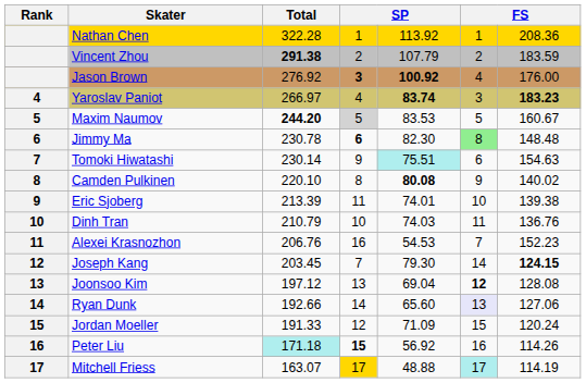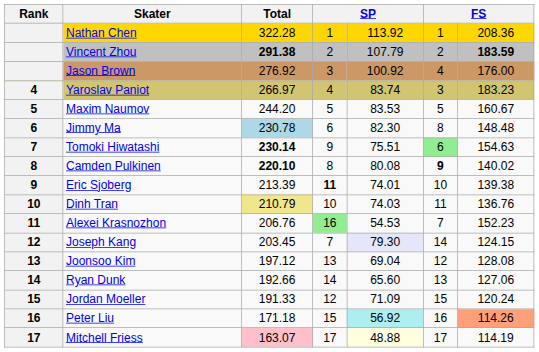 <table class="wikitable sortable" style="text-align:left; width:80%">
 <tr>
 <th scope="col">Rank</th>
 <th scope="col">Skater</th>
 <th scope="col">Total</th>
 <th scope="col" colspan="2" width="80px"><a href='#'>SP</a></th>
 <th scope="col" colspan="2" width="80px"><a href='#'>FS</a></th>
 </tr>
 <tr bgcolor="gold">
 <th scope="row"></th>
 <td><a href='#'>Nathan Chen</a></td>
 <td align="center">322.28</td>
 <td align="center">1</td>
 <td align="center">113.92</td>
 <td align="center">1</td>
 <td align="center">208.36</td>
 </tr>
 <tr bgcolor="silver">
 <th scope="row"></th>
 <td><a href='#'>Vincent Zhou</a></td>
 <td align="center"><strong>291.38</strong></td>
 <td align="center">2</td>
 <td align="center">107.79</td>
 <td align="center">2</td>
-<td align="center">183.59</td>
+<td align="center"><strong>183.59</strong></td>
 </tr>
 <tr bgcolor="cc9966">
 <th scope="row"></th>
 <td><a href='#'>Jason Brown</a></td>
 <td align="center">276.92</td>
-<td align="center"><strong>3</strong></td>
-<td align="center"><strong>100.92</strong></td>
+<td align="center">3</td>
+<td align="center">100.92</td>
 <td align="center">4</td>
 <td align="center">176.00</td>
 </tr>
 <tr bgcolor="#d1c571">
 <th scope="row">4</th>
 <td><a href='#'>Yaroslav Paniot</a></td>
 <td align="center">266.97</td>
 <td align="center">4</td>
-<td align="center"><strong>83.74</strong></td>
+<td align="center">83.74</td>
 <td align="center">3</td>
-<td align="center"><strong>183.23</strong></td>
+<td align="center">183.23</td>
 </tr>
 <tr>
 <th scope="row">5</th>
 <td><a href='#'>Maxim Naumov</a></td>
-<td align="center"><strong>244.20</strong></td>
-<td align="center" style="background: lightgrey;">5</td>
+<td align="center">244.20</td>
+<td align="center">5</td>
 <td align="center">83.53</td>
 <td align="center">5</td>
 <td align="center">160.67</td>
 </tr>
 <tr>
 <th scope="row">6</th>
 <td><a href='#'>Jimmy Ma</a></td>
-<td align="center">230.78</td>
-<td align="center"><strong>6</strong></td>
+<td align="center" style="background: lightblue;">230.78</td>
+<td align="center">6</td>
 <td align="center">82.30</td>
-<td align="center" style="background: lightgreen;">8</td>
+<td align="center">8</td>
 <td align="center">148.48</td>
 </tr>
 <tr>
 <th scope="row">7</th>
 <td><a href='#'>Tomoki Hiwatashi</a></td>
-<td align="center">230.14</td>
+<td align="center"><strong>230.14</strong></td>
 <td align="center">9</td>
-<td align="center" style="background: paleturquoise;">75.51</td>
-<td align="center">6</td>
+<td align="center">75.51</td>
+<td align="center" style="background: lightgreen;">6</td>
 <td align="center">154.63</td>
 </tr>
 <tr>
 <th scope="row">8</th>
 <td><a href='#'>Camden Pulkinen</a></td>
-<td align="center">220.10</td>
+<td align="center"><strong>220.10</strong></td>
 <td align="center">8</td>
-<td align="center"><strong>80.08</strong></td>
-<td align="center">9</td>
+<td align="center">80.08</td>
+<td align="center"><strong>9</strong></td>
 <td align="center">140.02</td>
 </tr>
 <tr>
 <th scope="row">9</th>
 <td><a href='#'>Eric Sjoberg</a></td>
 <td align="center">213.39</td>
-<td align="center">11</td>
+<td align="center"><strong>11</strong></td>
 <td align="center">74.01</td>
 <td align="center">10</td>
 <td align="center">139.38</td>
 </tr>
 <tr>
 <th scope="row">10</th>
 <td><a href='#'>Dinh Tran</a></td>
-<td align="center">210.79</td>
+<td align="center" style="background: khaki;">210.79</td>
 <td align="center">10</td>
 <td align="center">74.03</td>
 <td align="center">11</td>
 <td align="center">136.76</td>
 </tr>
 <tr>
 <th scope="row">11</th>
 <td><a href='#'>Alexei Krasnozhon</a></td>
 <td align="center">206.76</td>
-<td align="center">16</td>
+<td align="center" style="background: lightgreen;">16</td>
 <td align="center">54.53</td>
 <td align="center">7</td>
 <td align="center">152.23</td>
 </tr>
 <tr>
 <th scope="row">12</th>
 <td><a href='#'>Joseph Kang</a></td>
 <td align="center">203.45</td>
 <td align="center">7</td>
-<td align="center">79.30</td>
+<td align="center" style="background: lavender;">79.30</td>
 <td align="center">14</td>
-<td align="center"><strong>124.15</strong></td>
+<td align="center">124.15</td>
 </tr>
 <tr>
 <th scope="row">13</th>
 <td><a href='#'>Joonsoo Kim</a></td>
 <td align="center">197.12</td>
 <td align="center">13</td>
 <td align="center">69.04</td>
-<td align="center"><strong>12</strong></td>
+<td align="center">12</td>
 <td align="center">128.08</td>
 </tr>
 <tr>
 <th scope="row">14</th>
 <td><a href='#'>Ryan Dunk</a></td>
 <td align="center">192.66</td>
 <td align="center">14</td>
 <td align="center">65.60</td>
-<td align="center" style="background: lavender;">13</td>
+<td align="center">13</td>
 <td align="center">127.06</td>
 </tr>
 <tr>
 <th scope="row">15</th>
 <td><a href='#'>Jordan Moeller</a></td>
 <td align="center">191.33</td>
 <td align="center">12</td>
 <td align="center">71.09</td>
 <td align="center">15</td>
 <td align="center">120.24</td>
 </tr>
 <tr>
 <th scope="row">16</th>
 <td><a href='#'>Peter Liu</a></td>
-<td align="center" style="background: paleturquoise;">171.18</td>
-<td align="center"><strong>15</strong></td>
-<td align="center">56.92</td>
+<td align="center">171.18</td>
+<td align="center">15</td>
+<td align="center" style="background: paleturquoise;">56.92</td>
 <td align="center">16</td>
-<td align="center">114.26</td>
+<td align="center" style="background: lightsalmon;">114.26</td>
 </tr>
 <tr>
 <th scope="row">17</th>
 <td><a href='#'>Mitchell Friess</a></td>
-<td align="center">163.07</td>
-<td align="center" style="background: gold;">17</td>
-<td align="center">48.88</td>
-<td align="center" style="background: paleturquoise;">17</td>
+<td align="center" style="background: pink;">163.07</td>
+<td align="center">17</td>
+<td align="center" style="background: lightyellow;">48.88</td>
+<td align="center">17</td>
 <td align="center">114.19</td>
 </tr>
 </table>
